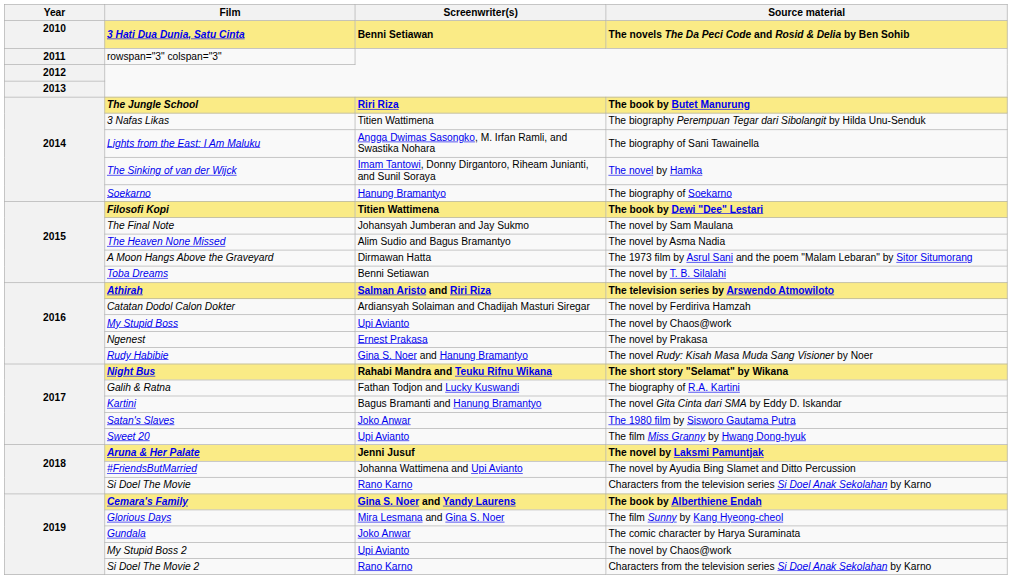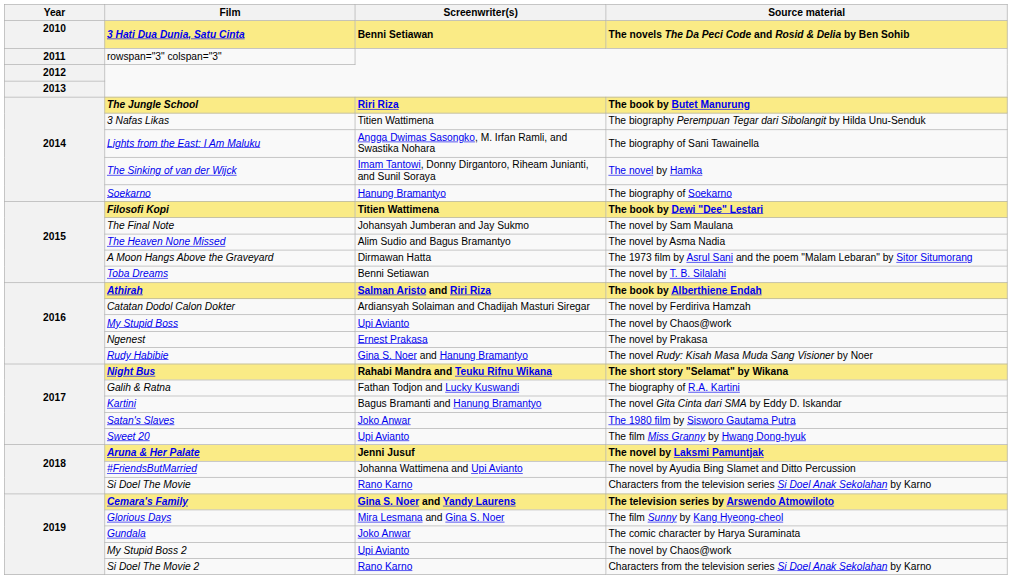 <table class="wikitable" rowspan=2 style="text-align: left;" border="2" cellpadding="4">
 <tr>
 <th width="10%">Year</th>
 <th width="25%">Film</th>
 <th width="25%">Screenwriter(s)</th>
 <th width="40%">Source material</th>
 </tr>
 <tr>
 <th style="text-align:center;">2010<br><br></th>
 <td scope="row" style="background:#FAEB86;"><strong><em><a href='#'>3 Hati Dua Dunia, Satu Cinta</a></em></strong></td>
 <td style="background:#FAEB86;"><strong>Benni Setiawan </strong></td>
 <td style="background:#FAEB86;"><strong>The novels <em>The Da Peci Code</em> and <em>Rosid & Delia</em> by Ben Sohib</strong></td>
 </tr>
 <tr>
 <th style="text-align:center;">2011<br></th>
 <td>rowspan="3" colspan="3" </td>
 </tr>
 <tr>
 <th style="text-align:center;">2012<br></th>
 </tr>
 <tr>
 <th style="text-align:center;">2013<br></th>
 </tr>
 <tr>
 <th style="text-align:center;" rowspan="5">2014<br><br></th>
 <td scope="row" style="background:#FAEB86;"><strong><em>The Jungle School</em></strong></td>
 <td style="background:#FAEB86;"><strong><a href='#'>Riri Riza</a> </strong></td>
 <td style="background:#FAEB86;"><strong>The book by <a href='#'>Butet Manurung</a></strong></td>
 </tr>
 <tr>
 <td><em>3 Nafas Likas</em></td>
 <td>Titien Wattimena</td>
 <td>The biography <em>Perempuan Tegar dari Sibolangit</em> by Hilda Unu-Senduk</td>
 </tr>
 <tr>
 <td><em><a href='#'>Lights from the East: I Am Maluku</a></em></td>
 <td><a href='#'>Angga Dwimas Sasongko</a>, M. Irfan Ramli, and Swastika Nohara</td>
 <td>The biography of Sani Tawainella</td>
 </tr>
 <tr>
 <td><em><a href='#'>The Sinking of van der Wijck</a></em></td>
 <td><a href='#'>Imam Tantowi</a>, Donny Dirgantoro, Riheam Junianti, and Sunil Soraya</td>
 <td><a href='#'>The novel</a> by <a href='#'>Hamka</a></td>
 </tr>
 <tr>
 <td><em><a href='#'>Soekarno</a></em></td>
 <td><a href='#'>Hanung Bramantyo</a></td>
 <td>The biography of <a href='#'>Soekarno</a></td>
 </tr>
 <tr>
 <th style="text-align:center;" rowspan="5">2015<br><br></th>
 <td scope="row" style="background:#FAEB86;"><strong><em>Filosofi Kopi</em></strong></td>
 <td style="background:#FAEB86;"><strong>Titien Wattimena </strong></td>
 <td style="background:#FAEB86;"><strong>The book by <a href='#'>Dewi "Dee" Lestari</a></strong></td>
 </tr>
 <tr>
 <td><em>The Final Note</em></td>
 <td>Johansyah Jumberan and Jay Sukmo</td>
 <td>The novel by Sam Maulana</td>
 </tr>
 <tr>
 <td><em><a href='#'>The Heaven None Missed</a></em></td>
 <td>Alim Sudio and Bagus Bramantyo</td>
 <td>The novel by Asma Nadia</td>
 </tr>
 <tr>
 <td><em>A Moon Hangs Above the Graveyard</em></td>
 <td>Dirmawan Hatta</td>
 <td>The 1973 film by <a href='#'>Asrul Sani</a> and the poem "Malam Lebaran" by <a href='#'>Sitor Situmorang</a></td>
 </tr>
 <tr>
 <td><em><a href='#'>Toba Dreams</a></em></td>
 <td>Benni Setiawan</td>
 <td>The novel by <a href='#'>T. B. Silalahi</a></td>
 </tr>
 <tr>
 <th style="text-align:center;" rowspan="5">2016<br><br></th>
 <td scope="row" style="background:#FAEB86;"><strong><em><a href='#'>Athirah</a></em></strong></td>
 <td style="background:#FAEB86;"><strong><a href='#'>Salman Aristo</a> and <a href='#'>Riri Riza</a> </strong></td>
-<td style="background:#FAEB86;"><strong>The television series by <a href='#'>Arswendo Atmowiloto</a></strong></td>
+<td style="background:#FAEB86;"><strong>The book by <a href='#'>Alberthiene Endah</a></strong></td>
 </tr>
 <tr>
 <td><em>Catatan Dodol Calon Dokter</em></td>
 <td>Ardiansyah Solaiman and Chadijah Masturi Siregar</td>
 <td>The novel by Ferdiriva Hamzah</td>
 </tr>
 <tr>
 <td><em><a href='#'>My Stupid Boss</a></em></td>
 <td><a href='#'>Upi Avianto</a></td>
 <td>The novel by Chaos@work</td>
 </tr>
 <tr>
 <td><em>Ngenest</em></td>
 <td><a href='#'>Ernest Prakasa</a></td>
 <td>The novel by Prakasa</td>
 </tr>
 <tr>
 <td><em><a href='#'>Rudy Habibie</a></em></td>
 <td><a href='#'>Gina S. Noer</a> and <a href='#'>Hanung Bramantyo</a></td>
 <td>The novel <em>Rudy: Kisah Masa Muda Sang Visioner</em> by Noer</td>
 </tr>
 <tr>
 <th style="text-align:center;" rowspan="5">2017<br><br></th>
 <td scope="row" style="background:#FAEB86;"><strong><em><a href='#'>Night Bus</a></em></strong></td>
 <td style="background:#FAEB86;"><strong>Rahabi Mandra and <a href='#'>Teuku Rifnu Wikana</a> </strong></td>
 <td style="background:#FAEB86;"><strong>The short story "Selamat" by Wikana</strong></td>
 </tr>
 <tr>
 <td><em>Galih & Ratna</em></td>
 <td>Fathan Todjon and <a href='#'>Lucky Kuswandi</a></td>
 <td>The biography of <a href='#'>R.A. Kartini</a></td>
 </tr>
 <tr>
 <td><em><a href='#'>Kartini</a></em></td>
 <td>Bagus Bramanti and <a href='#'>Hanung Bramantyo</a></td>
 <td>The novel <em>Gita Cinta dari SMA</em> by Eddy D. Iskandar</td>
 </tr>
 <tr>
 <td><em><a href='#'>Satan's Slaves</a></em></td>
 <td><a href='#'>Joko Anwar</a></td>
 <td><a href='#'>The 1980 film</a> by <a href='#'>Sisworo Gautama Putra</a></td>
 </tr>
 <tr>
 <td><em><a href='#'>Sweet 20</a></em></td>
 <td><a href='#'>Upi Avianto</a></td>
 <td>The film <em><a href='#'>Miss Granny</a></em> by <a href='#'>Hwang Dong-hyuk</a></td>
 </tr>
 <tr>
 <th style="text-align:center;" rowspan="3">2018<br><br></th>
 <td scope="row" style="background:#FAEB86;"><strong><em><a href='#'>Aruna & Her Palate</a></em></strong></td>
 <td style="background:#FAEB86;"><strong>Jenni Jusuf </strong></td>
 <td style="background:#FAEB86;"><strong>The novel by <a href='#'>Laksmi Pamuntjak</a></strong></td>
 </tr>
 <tr>
 <td><em><a href='#'>#FriendsButMarried</a></em></td>
 <td>Johanna Wattimena and <a href='#'>Upi Avianto</a></td>
 <td>The novel by Ayudia Bing Slamet and Ditto Percussion</td>
 </tr>
 <tr>
 <td><em>Si Doel The Movie</em></td>
 <td><a href='#'>Rano Karno</a></td>
 <td>Characters from the television series <em><a href='#'>Si Doel Anak Sekolahan</a></em> by Karno</td>
 </tr>
 <tr>
 <th style="text-align:center;" rowspan="6">2019<br><br></th>
 <td scope="row" style="background:#FAEB86;"><strong><em><a href='#'>Cemara's Family</a></em></strong></td>
 <td style="background:#FAEB86;"><strong><a href='#'>Gina S. Noer</a> and <a href='#'>Yandy Laurens</a> </strong></td>
-<td style="background:#FAEB86;"><strong>The book by <a href='#'>Alberthiene Endah</a></strong></td>
+<td style="background:#FAEB86;"><strong>The television series by <a href='#'>Arswendo Atmowiloto</a></strong></td>
 </tr>
 <tr>
 <td><em><a href='#'>Glorious Days</a></em></td>
 <td><a href='#'>Mira Lesmana</a> and <a href='#'>Gina S. Noer</a></td>
 <td>The film <em><a href='#'>Sunny</a></em> by <a href='#'>Kang Hyeong-cheol</a></td>
 </tr>
 <tr>
 <td><em><a href='#'>Gundala</a></em></td>
 <td><a href='#'>Joko Anwar</a></td>
 <td>The comic character by Harya Suraminata</td>
 </tr>
 <tr>
 <td><em>My Stupid Boss 2</em></td>
 <td><a href='#'>Upi Avianto</a></td>
 <td>The novel by Chaos@work</td>
 </tr>
 <tr>
 <td><em>Si Doel The Movie 2</em></td>
 <td><a href='#'>Rano Karno</a></td>
 <td>Characters from the television series <em><a href='#'>Si Doel Anak Sekolahan</a></em> by Karno</td>
 </tr>
 </table>
